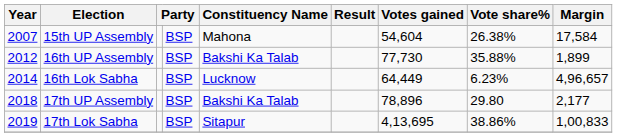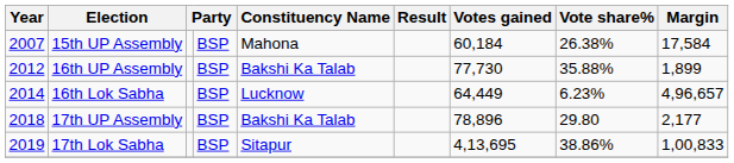 <table class="wikitable">
 <tr>
 <th>Year</th>
 <th>Election</th>
 <th colspan="2">Party</th>
 <th>Constituency Name</th>
 <th>Result</th>
 <th>Votes gained</th>
 <th>Vote share%</th>
 <th>Margin</th>
 </tr>
 <tr>
 <td><a href='#'>2007</a></td>
 <td><a href='#'>15th UP Assembly</a></td>
 <td style="background-color: "></td>
 <td><a href='#'>BSP</a> </td>
 <td>Mahona</td>
 <td></td>
-<td>54,604</td>
+<td>60,184</td>
 <td>26.38%</td>
 <td>17,584</td>
 </tr>
 <tr>
 <td><a href='#'>2012</a></td>
 <td><a href='#'>16th UP Assembly</a></td>
 <td style="background-color: "></td>
 <td><a href='#'>BSP</a> </td>
 <td><a href='#'>Bakshi Ka Talab</a></td>
 <td></td>
 <td>77,730</td>
 <td>35.88%</td>
 <td>1,899</td>
 </tr>
 <tr>
 <td><a href='#'>2014</a></td>
 <td><a href='#'>16th Lok Sabha</a></td>
 <td style="background-color: "></td>
 <td><a href='#'>BSP</a> </td>
 <td><a href='#'>Lucknow</a></td>
 <td></td>
 <td>64,449</td>
 <td>6.23%</td>
 <td>4,96,657</td>
 </tr>
 <tr>
 <td><a href='#'>2018</a></td>
 <td><a href='#'>17th UP Assembly</a></td>
 <td style="background-color: "></td>
 <td><a href='#'>BSP</a> </td>
 <td><a href='#'>Bakshi Ka Talab</a></td>
 <td></td>
 <td>78,896</td>
 <td>29.80</td>
 <td>2,177</td>
 </tr>
 <tr>
 <td><a href='#'>2019</a></td>
 <td><a href='#'>17th Lok Sabha</a></td>
 <td style="background-color: "></td>
 <td><a href='#'>BSP</a> </td>
 <td><a href='#'>Sitapur</a></td>
 <td></td>
 <td>4,13,695</td>
 <td>38.86%</td>
 <td>1,00,833</td>
 </tr>
 <tr>
 </tr>
 </table>
